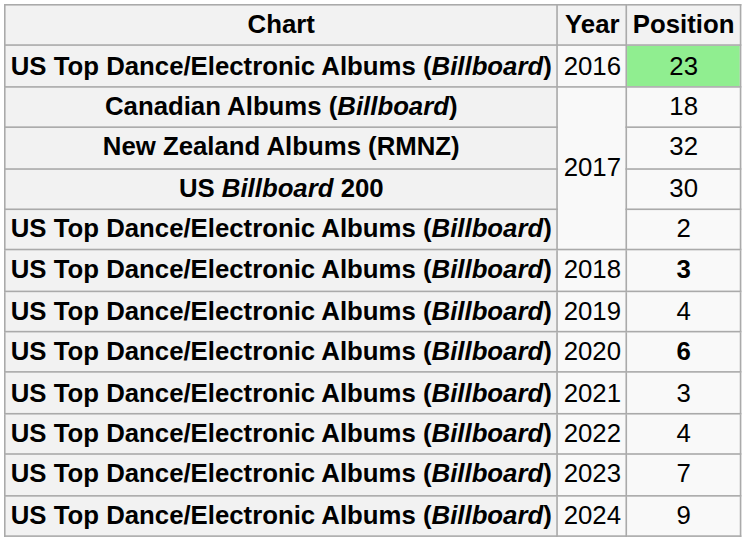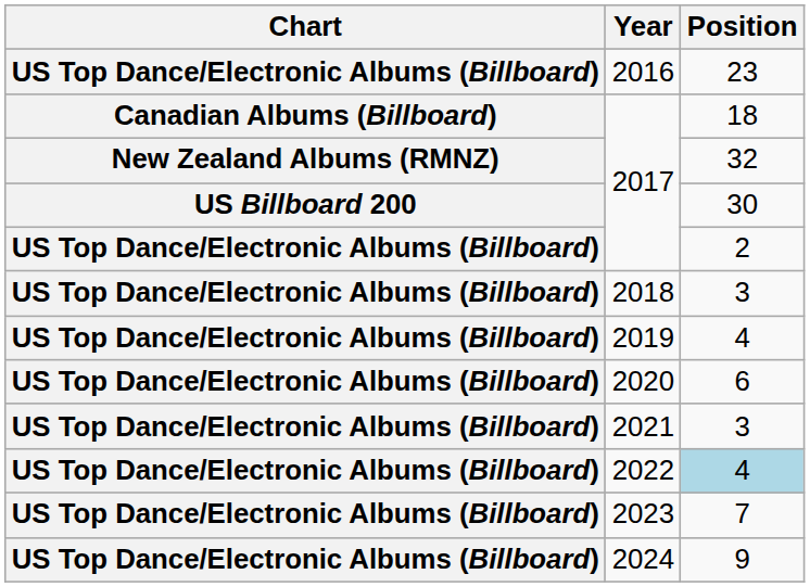 <table class="wikitable plainrowheaders" style="text-align:center">
 <tr>
 <th scope="col">Chart</th>
 <th scope="col">Year</th>
 <th scope="col">Position</th>
 </tr>
 <tr>
 <th scope="row">US Top Dance/Electronic Albums (<em>Billboard</em>)</th>
 <td>2016</td>
-<td style="background: lightgreen;">23</td>
+<td>23</td>
 </tr>
 <tr>
 <th scope="row">Canadian Albums (<em>Billboard</em>)</th>
 <td rowspan="4">2017</td>
 <td>18</td>
 </tr>
 <tr>
 <th scope="row">New Zealand Albums (RMNZ)</th>
 <td>32</td>
 </tr>
 <tr>
 <th scope="row">US <em>Billboard</em> 200</th>
 <td>30</td>
 </tr>
 <tr>
 <th scope="row">US Top Dance/Electronic Albums (<em>Billboard</em>)</th>
 <td>2</td>
 </tr>
 <tr>
 <th scope="row">US Top Dance/Electronic Albums (<em>Billboard</em>)</th>
 <td>2018</td>
-<td><strong>3</strong></td>
+<td>3</td>
 </tr>
 <tr>
 <th scope="row">US Top Dance/Electronic Albums (<em>Billboard</em>)</th>
 <td>2019</td>
 <td>4</td>
 </tr>
 <tr>
 <th scope="row">US Top Dance/Electronic Albums (<em>Billboard</em>)</th>
 <td>2020</td>
-<td><strong>6</strong></td>
+<td>6</td>
 </tr>
 <tr>
 <th scope="row">US Top Dance/Electronic Albums (<em>Billboard</em>)</th>
 <td>2021</td>
 <td>3</td>
 </tr>
 <tr>
 <th scope="row">US Top Dance/Electronic Albums (<em>Billboard</em>)</th>
 <td>2022</td>
-<td>4</td>
+<td style="background: lightblue;">4</td>
 </tr>
 <tr>
 <th scope="row">US Top Dance/Electronic Albums (<em>Billboard</em>)</th>
 <td>2023</td>
 <td>7</td>
 </tr>
 <tr>
 <th scope="row">US Top Dance/Electronic Albums (<em>Billboard</em>)</th>
 <td>2024</td>
 <td>9</td>
 </tr>
 </table>
